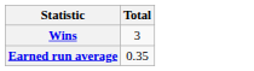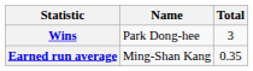 <table class="wikitable plainrowheaders">
 <tr>
 <th scope="col">Statistic</th>
+<th scope="col">Name</th>
 <th scope="col">Total</th>
 </tr>
 <tr>
 <th scope="row"><a href='#'>Wins</a></th>
+<td> Park Dong-hee</td>
 <td align=center>3</td>
 </tr>
 <tr>
 <th scope="row"><a href='#'>Earned run average</a></th>
+<td> Ming-Shan Kang</td>
 <td align=center>0.35</td>
 </tr>
 </table>
